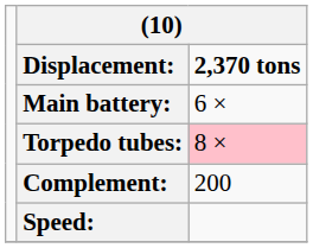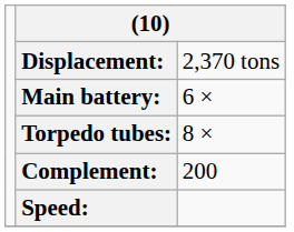 <table class="wikitable plainrowheaders" style="text-align:left">
 <tr valign="bottom">
 <td rowspan=6 style="text-align:center"></td>
 <th colspan=2 style="text-align:center"><strong></strong> (10)</th>
 </tr>
 <tr>
 <th style="text-align:left">Displacement:</th>
-<td><strong>2,370 tons</strong></td>
+<td>2,370 tons</td>
 </tr>
 <tr>
 <th style="text-align:left">Main battery:</th>
 <td>6 × </td>
 </tr>
 <tr>
 <th style="text-align:left">Torpedo tubes:</th>
-<td style="background: pink;">8 × </td>
+<td>8 × </td>
 </tr>
 <tr>
 <th style="text-align:left">Complement:</th>
 <td>200</td>
 </tr>
 <tr>
 <th style="text-align:left">Speed:</th>
 <td></td>
 </tr>
 <tr>
 </tr>
 </table>
